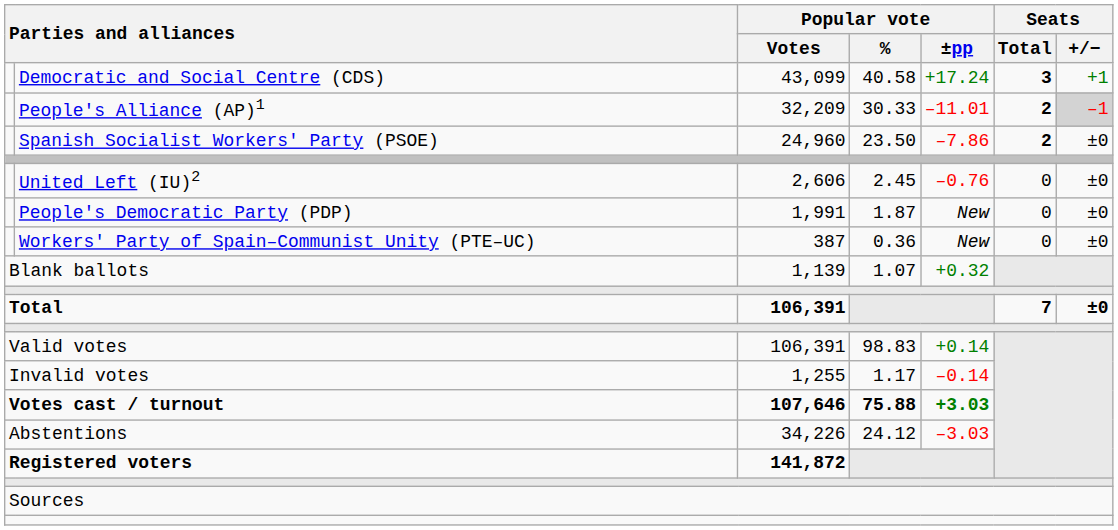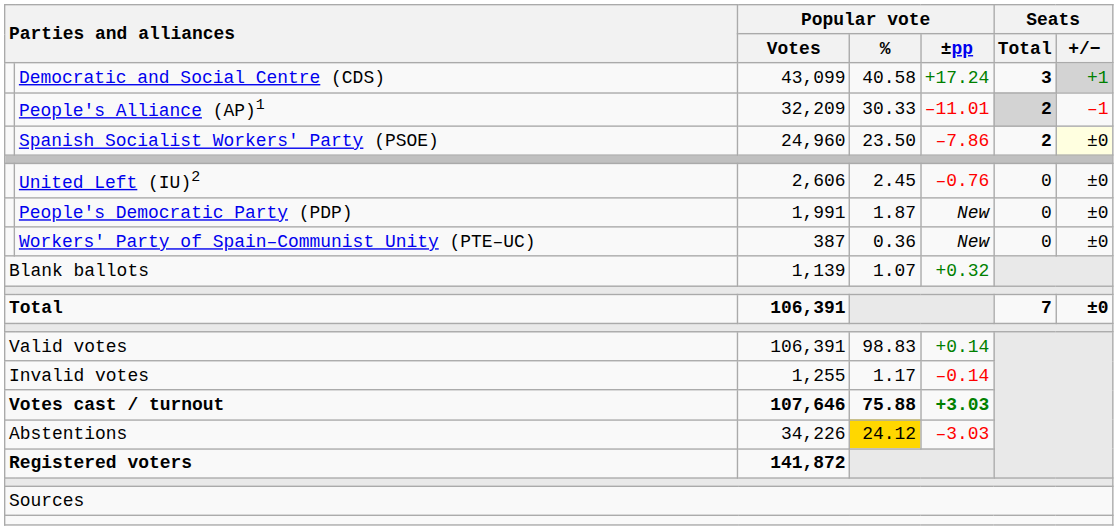 <table class="wikitable" style="text-align:right;">
 <tr>
 <th style="text-align:left;" rowspan="2" colspan="2" width="525">Parties and alliances</th>
 <th colspan="3">Popular vote</th>
 <th colspan="2">Seats</th>
 </tr>
 <tr>
 <th width="75">Votes</th>
 <th width="45">%</th>
 <th width="45">±<a href='#'>pp</a></th>
 <th width="35">Total</th>
 <th width="35">+/−</th>
 </tr>
 <tr>
 <td width="1" style="color:inherit;background:"></td>
 <td align="left"><a href='#'>Democratic and Social Centre</a> (CDS)</td>
 <td>43,099</td>
 <td>40.58</td>
 <td style="color:green;">+17.24</td>
 <td><strong>3</strong></td>
-<td style="color:green;">+1</td>
+<td style="background: lightgrey; color:green;">+1</td>
 </tr>
 <tr>
 <td style="color:inherit;background:"></td>
 <td align="left"><a href='#'>People's Alliance</a> (AP)<sup>1</sup></td>
 <td>32,209</td>
 <td>30.33</td>
 <td style="color:red;">–11.01</td>
-<td><strong>2</strong></td>
-<td style="background: lightgrey; color:red;">–1</td>
+<td style="background: lightgrey;"><strong>2</strong></td>
+<td style="color:red;">–1</td>
 </tr>
 <tr>
 <td style="color:inherit;background:"></td>
 <td align="left"><a href='#'>Spanish Socialist Workers' Party</a> (PSOE)</td>
 <td>24,960</td>
 <td>23.50</td>
 <td style="color:red;">–7.86</td>
 <td><strong>2</strong></td>
-<td>±0</td>
+<td style="background: lightyellow;">±0</td>
 </tr>
 <tr>
 <td colspan="7" bgcolor="#C0C0C0"></td>
 </tr>
 <tr>
 <td style="color:inherit;background:"></td>
 <td align="left"><a href='#'>United Left</a> (IU)<sup>2</sup></td>
 <td>2,606</td>
 <td>2.45</td>
 <td style="color:red;">–0.76</td>
 <td>0</td>
 <td>±0</td>
 </tr>
 <tr>
 <td style="color:inherit;background:"></td>
 <td align="left"><a href='#'>People's Democratic Party</a> (PDP)</td>
 <td>1,991</td>
 <td>1.87</td>
 <td><em>New</em></td>
 <td>0</td>
 <td>±0</td>
 </tr>
 <tr>
 <td style="color:inherit;background:"></td>
 <td align="left"><a href='#'>Workers' Party of Spain–Communist Unity</a> (PTE–UC)</td>
 <td>387</td>
 <td>0.36</td>
 <td><em>New</em></td>
 <td>0</td>
 <td>±0</td>
 </tr>
 <tr>
 <td align="left" colspan="2">Blank ballots</td>
 <td>1,139</td>
 <td>1.07</td>
 <td style="color:green;">+0.32</td>
 <td bgcolor="#E9E9E9" colspan="2"></td>
 </tr>
 <tr>
 <td colspan="7" bgcolor="#E9E9E9"></td>
 </tr>
 <tr style="font-weight:bold;">
 <td align="left" colspan="2">Total</td>
 <td>106,391</td>
 <td bgcolor="#E9E9E9" colspan="2"></td>
 <td>7</td>
 <td>±0</td>
 </tr>
 <tr>
 <td colspan="7" bgcolor="#E9E9E9"></td>
 </tr>
 <tr>
 <td align="left" colspan="2">Valid votes</td>
 <td>106,391</td>
 <td>98.83</td>
 <td style="color:green;">+0.14</td>
 <td bgcolor="#E9E9E9" colspan="2" rowspan="5"></td>
 </tr>
 <tr>
 <td align="left" colspan="2">Invalid votes</td>
 <td>1,255</td>
 <td>1.17</td>
 <td style="color:red;">–0.14</td>
 </tr>
 <tr style="font-weight:bold;">
 <td align="left" colspan="2">Votes cast / turnout</td>
 <td>107,646</td>
 <td>75.88</td>
 <td style="color:green;">+3.03</td>
 </tr>
 <tr>
 <td align="left" colspan="2">Abstentions</td>
 <td>34,226</td>
-<td>24.12</td>
+<td style="background: gold;">24.12</td>
 <td style="color:red;">–3.03</td>
 </tr>
 <tr style="font-weight:bold;">
 <td align="left" colspan="2">Registered voters</td>
 <td>141,872</td>
 <td bgcolor="#E9E9E9" colspan="2"></td>
 </tr>
 <tr>
 <td colspan="7" bgcolor="#E9E9E9"></td>
 </tr>
 <tr>
 <td align="left" colspan="7">Sources</td>
 </tr>
 <tr>
 <td colspan="7" style="text-align:left; max-width:790px;"></td>
 </tr>
 </table>
